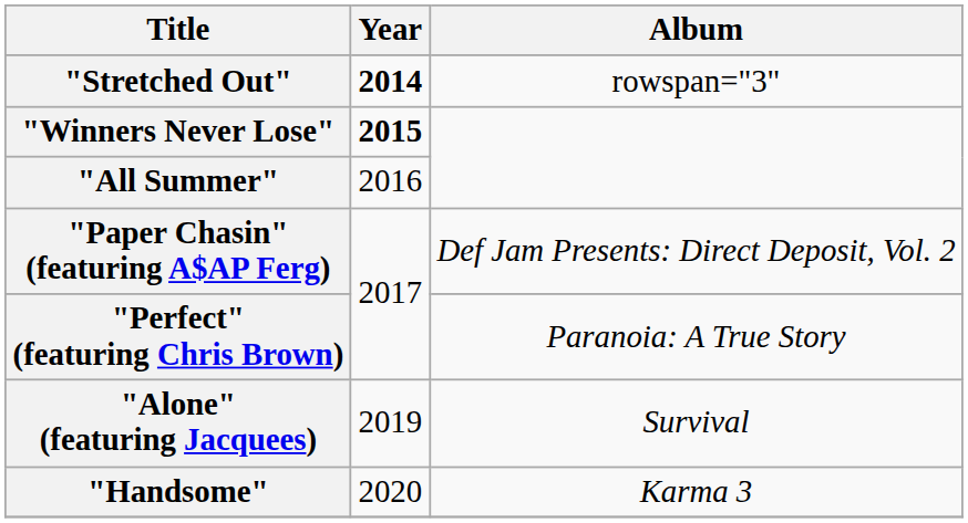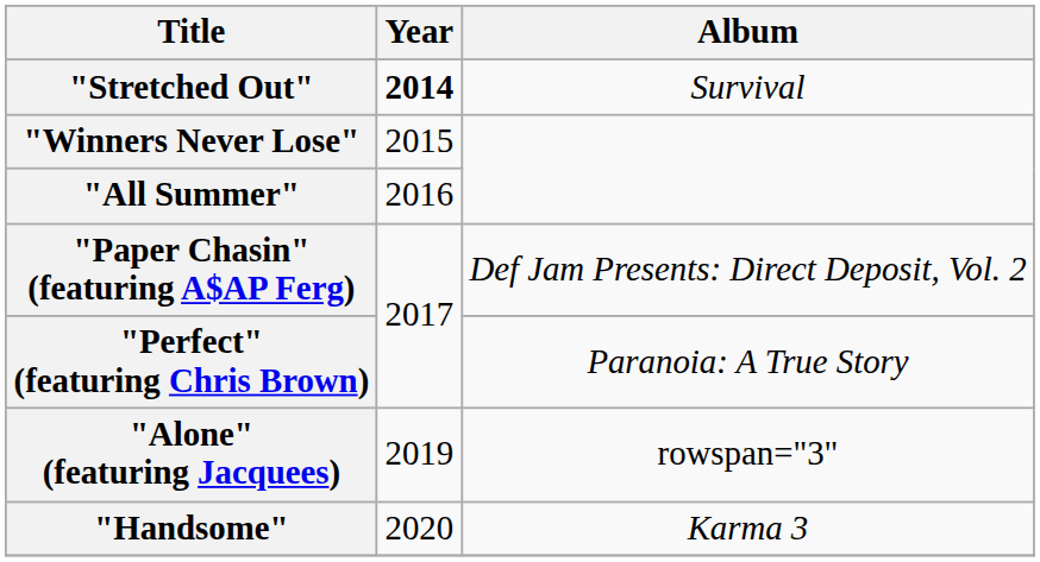 <table class="wikitable plainrowheaders" style="text-align:center;">
 <tr>
 <th scope="col">Title</th>
 <th scope="col">Year</th>
 <th scope="col">Album</th>
 </tr>
 <tr>
 <th scope="row">"Stretched Out"</th>
 <td><strong>2014</strong></td>
-<td>rowspan="3" </td>
+<td><em>Survival</em></td>
 </tr>
 <tr>
 <th scope="row">"Winners Never Lose"</th>
-<td><strong>2015</strong></td>
+<td>2015</td>
 </tr>
 <tr>
 <th scope="row">"All Summer"</th>
 <td>2016</td>
 </tr>
 <tr>
 <th scope="row">"Paper Chasin"<br><span>(featuring <a href='#'>A$AP Ferg</a>)</span></th>
 <td rowspan="2">2017</td>
 <td><em>Def Jam Presents: Direct Deposit, Vol. 2</em></td>
 </tr>
 <tr>
 <th scope="row">"Perfect"<br><span>(featuring <a href='#'>Chris Brown</a>)</span></th>
 <td><em>Paranoia: A True Story</em></td>
 </tr>
 <tr>
 <th scope="row">"Alone"<br><span>(featuring <a href='#'>Jacquees</a>)</span></th>
 <td>2019</td>
-<td><em>Survival</em></td>
+<td>rowspan="3" </td>
 </tr>
 <tr>
 <th scope="row">"Handsome"</th>
 <td>2020</td>
 <td><em>Karma 3</em></td>
 </tr>
 <tr>
 </tr>
 </table>
